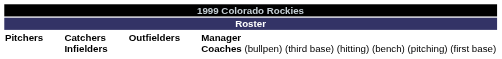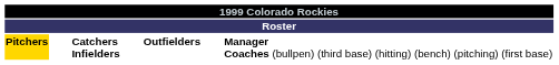 <table class="toccolours" style="font-size: 95%;">
 <tr>
 <th colspan="10" style="background:#000000; color:#C4CED4; text-align:center;">1999 Colorado Rockies</th>
 </tr>
 <tr>
 <td colspan="10" style="background:#333366; color:#FFFFFF; text-align:center;"><strong>Roster</strong></td>
 </tr>
 <tr>
-<td valign="top"><strong>Pitchers</strong><br>     	 	 	 	     	  	  </td>
+<td valign="top" style="background: gold;"><strong>Pitchers</strong><br>     	 	 	 	     	  	  </td>
 <td style="width:25px;"></td>
 <td valign="top"><strong>Catchers</strong><br>    <strong>Infielders</strong>        </td>
 <td style="width:25px;"></td>
 <td valign="top"><strong>Outfielders</strong><br>             </td>
 <td style="width:25px;"></td>
 <td valign="top"><strong>Manager</strong><br> <strong>Coaches</strong>  (bullpen)  (third base)  (hitting)  (bench)  (pitching)  (first base)</td>
 </tr>
 </table>
